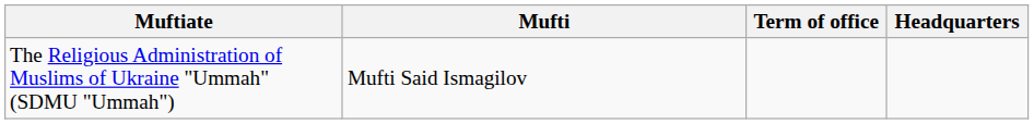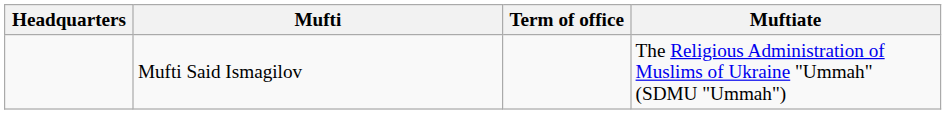 <table class=wikitable>
 <tr>
-<th scope="row" width="250">Muftiate</th>
+<th scope="row" width="100">Headquarters</th>
 <th scope="row" width="300">Mufti</th>
 <th scope="row" width="100">Term of office</th>
-<th scope="row" width="100">Headquarters</th>
+<th scope="row" width="250">Muftiate</th>
 </tr>
 <tr>
-<td>The <a href='#'>Religious Administration of Muslims of Ukraine</a> "Ummah" (SDMU "Ummah")</td>
+<td></td>
 <td>Mufti Said Ismagilov</td>
 <td></td>
-<td></td>
+<td>The <a href='#'>Religious Administration of Muslims of Ukraine</a> "Ummah" (SDMU "Ummah")</td>
 </tr>
 </table>
